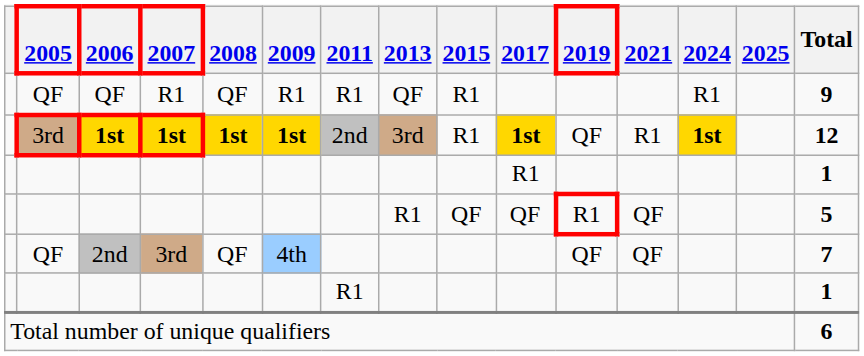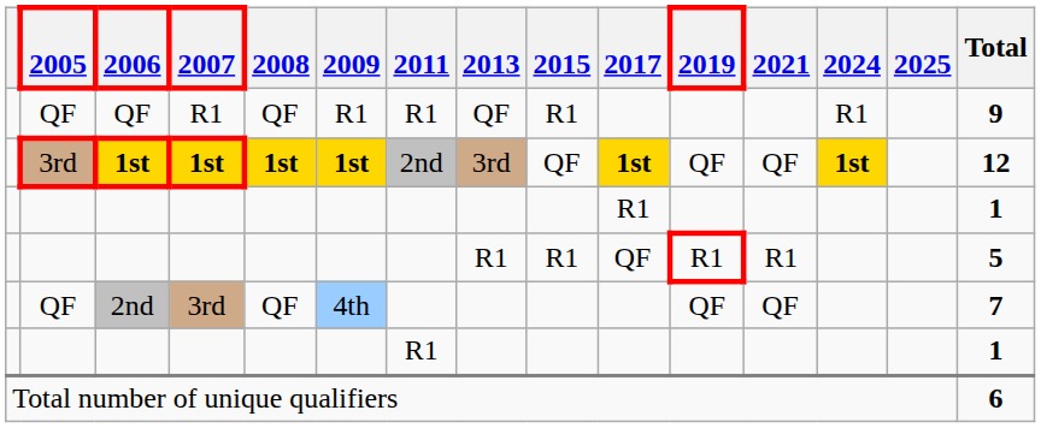 <table class="wikitable" style="text-align:center">
 <tr>
 <th></th>
 <th style="border:3px solid red"><br><a href='#'>2005</a></th>
 <th style="border:3px solid red"><br><a href='#'>2006</a></th>
 <th style="border:3px solid red"><br><a href='#'>2007</a></th>
 <th><br><a href='#'>2008</a></th>
 <th><br><a href='#'>2009</a></th>
 <th><br><a href='#'>2011</a></th>
 <th><br><a href='#'>2013</a></th>
 <th><br><a href='#'>2015</a></th>
 <th><br><a href='#'>2017</a></th>
 <th style="border:3px solid red"><br><a href='#'>2019</a></th>
 <th><br><a href='#'>2021</a></th>
 <th><br><a href='#'>2024</a></th>
 <th><br><a href='#'>2025</a></th>
 <th>Total</th>
 </tr>
 <tr>
 <td align=left></td>
 <td>QF</td>
 <td>QF</td>
 <td>R1</td>
 <td>QF</td>
 <td>R1</td>
 <td>R1</td>
 <td>QF</td>
 <td>R1</td>
 <td></td>
 <td></td>
 <td></td>
 <td>R1</td>
 <td></td>
 <td><strong>9</strong></td>
 </tr>
 <tr>
 <td align=left></td>
 <td style="border: 3px solid red" bgcolor=#cfaa88>3rd</td>
 <td style="border: 3px solid red" bgcolor=gold><strong>1st</strong></td>
 <td style="border: 3px solid red" bgcolor=gold><strong>1st</strong></td>
 <td bgcolor=gold><strong>1st</strong></td>
 <td bgcolor=gold><strong>1st</strong></td>
 <td bgcolor=silver>2nd</td>
 <td bgcolor=#cfaa88>3rd</td>
-<td>R1</td>
+<td>QF</td>
 <td bgcolor=gold><strong>1st</strong></td>
 <td>QF</td>
-<td>R1</td>
+<td>QF</td>
 <td bgcolor=gold><strong>1st</strong></td>
 <td></td>
 <td><strong>12</strong></td>
 </tr>
 <tr>
 <td align=left></td>
 <td></td>
 <td></td>
 <td></td>
 <td></td>
 <td></td>
 <td></td>
 <td></td>
 <td></td>
 <td>R1</td>
 <td></td>
 <td></td>
 <td></td>
 <td></td>
 <td><strong>1</strong></td>
 </tr>
 <tr>
 <td align=left></td>
 <td></td>
 <td></td>
 <td></td>
 <td></td>
 <td></td>
 <td></td>
 <td>R1</td>
-<td>QF</td>
+<td>R1</td>
 <td>QF</td>
 <td style="border: 3px solid red">R1</td>
-<td>QF</td>
+<td>R1</td>
 <td></td>
 <td></td>
 <td><strong>5</strong></td>
 </tr>
 <tr>
 <td align=left></td>
 <td>QF</td>
 <td bgcolor=silver>2nd</td>
 <td bgcolor=#cfaa88>3rd</td>
 <td>QF</td>
 <td bgcolor=#9acdff>4th</td>
 <td></td>
 <td></td>
 <td></td>
 <td></td>
 <td>QF</td>
 <td>QF</td>
 <td></td>
 <td></td>
 <td><strong>7</strong></td>
 </tr>
 <tr>
 <td align=left></td>
 <td></td>
 <td></td>
 <td></td>
 <td></td>
 <td></td>
 <td>R1</td>
 <td></td>
 <td></td>
 <td></td>
 <td></td>
 <td></td>
 <td></td>
 <td></td>
 <td><strong>1</strong></td>
 </tr>
 <tr style="border-top: 2.5px solid grey">
 <td align=left colspan=14>Total number of unique qualifiers</td>
 <td><strong>6</strong></td>
 </tr>
 </table>
